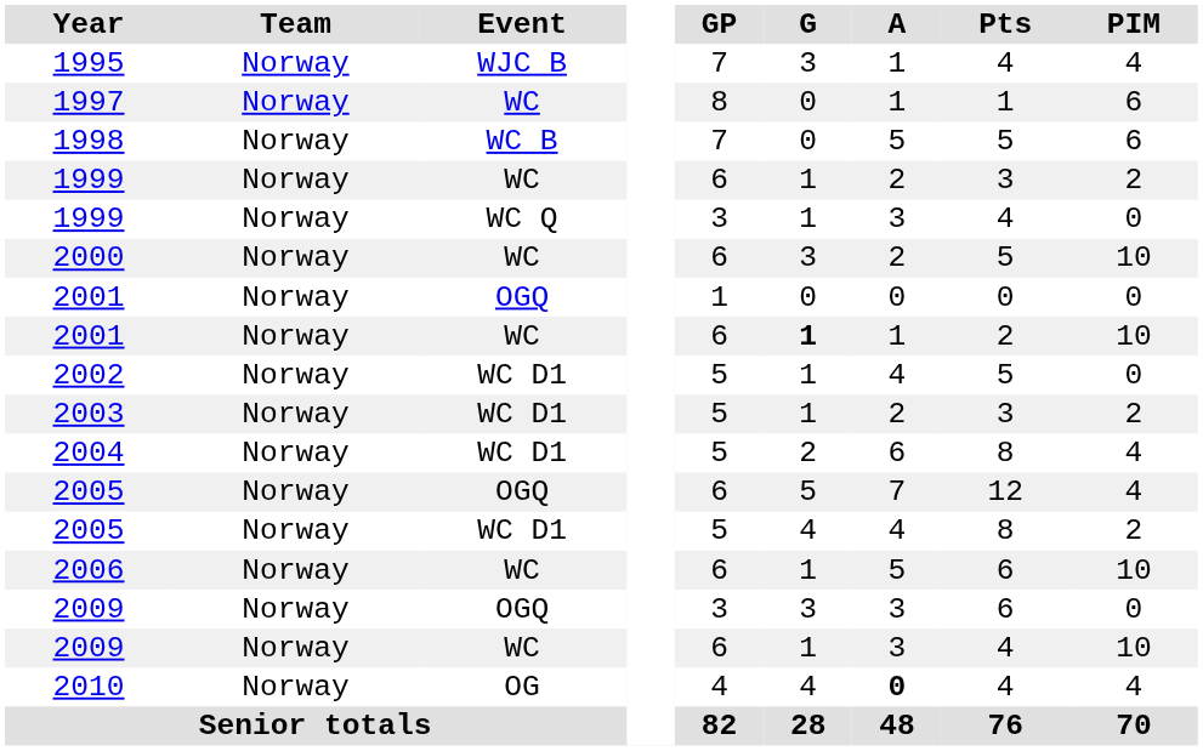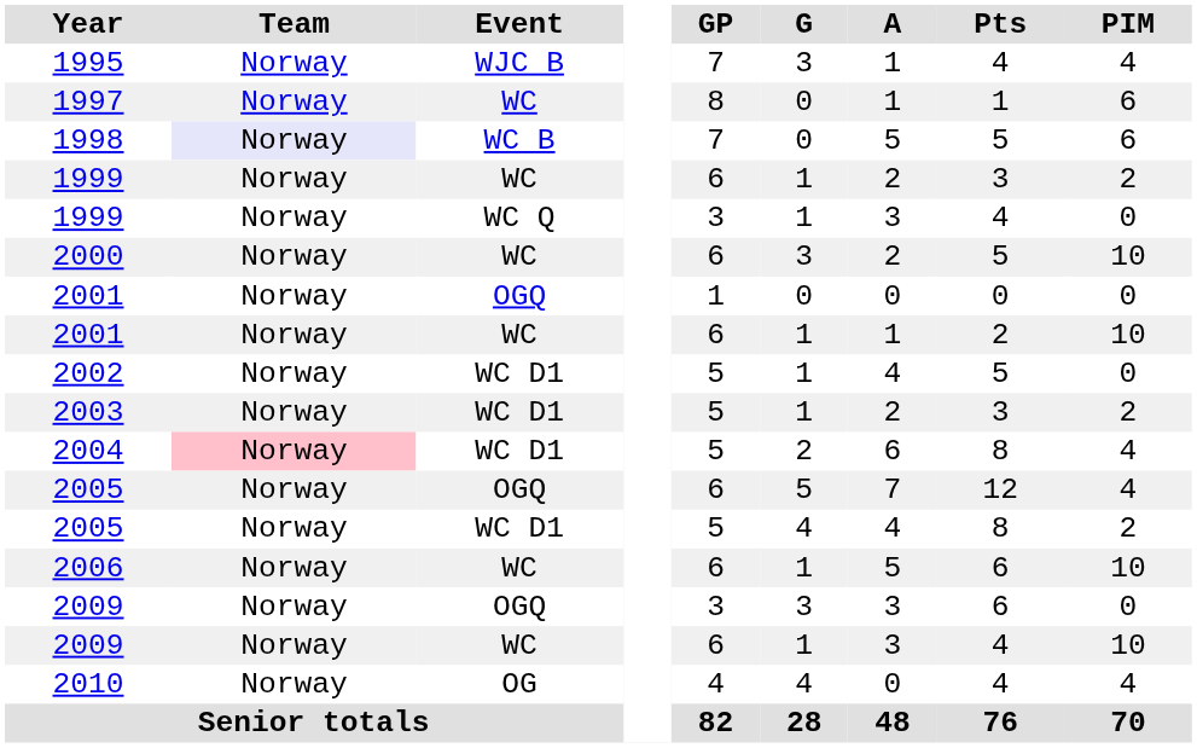 <table border="0" cellpadding="1" cellspacing="0" style="text-align:center; width:40em">
 <tr ALIGN="center" bgcolor="#e0e0e0">
 <th>Year</th>
 <th>Team</th>
 <th>Event</th>
 <th rowspan="99" bgcolor="#ffffff"> </th>
 <th>GP</th>
 <th>G</th>
 <th>A</th>
 <th>Pts</th>
 <th>PIM</th>
 </tr>
 <tr>
 <td><a href='#'>1995</a></td>
 <td><a href='#'>Norway</a></td>
 <td><a href='#'>WJC B</a></td>
 <td>7</td>
 <td>3</td>
 <td>1</td>
 <td>4</td>
 <td>4</td>
 </tr>
 <tr bgcolor="#f0f0f0">
 <td><a href='#'>1997</a></td>
 <td><a href='#'>Norway</a></td>
 <td><a href='#'>WC</a></td>
 <td>8</td>
 <td>0</td>
 <td>1</td>
 <td>1</td>
 <td>6</td>
 </tr>
 <tr>
 <td><a href='#'>1998</a></td>
-<td>Norway</td>
+<td style="background: lavender;">Norway</td>
 <td><a href='#'>WC B</a></td>
 <td>7</td>
 <td>0</td>
 <td>5</td>
 <td>5</td>
 <td>6</td>
 </tr>
 <tr bgcolor="#f0f0f0">
 <td><a href='#'>1999</a></td>
 <td>Norway</td>
 <td>WC</td>
 <td>6</td>
 <td>1</td>
 <td>2</td>
 <td>3</td>
 <td>2</td>
 </tr>
 <tr>
 <td><a href='#'>1999</a></td>
 <td>Norway</td>
 <td>WC Q</td>
 <td>3</td>
 <td>1</td>
 <td>3</td>
 <td>4</td>
 <td>0</td>
 </tr>
 <tr bgcolor="#f0f0f0">
 <td><a href='#'>2000</a></td>
 <td>Norway</td>
 <td>WC</td>
 <td>6</td>
 <td>3</td>
 <td>2</td>
 <td>5</td>
 <td>10</td>
 </tr>
 <tr>
 <td><a href='#'>2001</a></td>
 <td>Norway</td>
 <td><a href='#'>OGQ</a></td>
 <td>1</td>
 <td>0</td>
 <td>0</td>
 <td>0</td>
 <td>0</td>
 </tr>
 <tr bgcolor="#f0f0f0">
 <td><a href='#'>2001</a></td>
 <td>Norway</td>
 <td>WC</td>
 <td>6</td>
-<td><strong>1</strong></td>
+<td>1</td>
 <td>1</td>
 <td>2</td>
 <td>10</td>
 </tr>
 <tr>
 <td><a href='#'>2002</a></td>
 <td>Norway</td>
 <td>WC D1</td>
 <td>5</td>
 <td>1</td>
 <td>4</td>
 <td>5</td>
 <td>0</td>
 </tr>
 <tr bgcolor="#f0f0f0">
 <td><a href='#'>2003</a></td>
 <td>Norway</td>
 <td>WC D1</td>
 <td>5</td>
 <td>1</td>
 <td>2</td>
 <td>3</td>
 <td>2</td>
 </tr>
 <tr>
 <td><a href='#'>2004</a></td>
-<td>Norway</td>
+<td style="background: pink;">Norway</td>
 <td>WC D1</td>
 <td>5</td>
 <td>2</td>
 <td>6</td>
 <td>8</td>
 <td>4</td>
 </tr>
 <tr bgcolor="#f0f0f0">
 <td><a href='#'>2005</a></td>
 <td>Norway</td>
 <td>OGQ</td>
 <td>6</td>
 <td>5</td>
 <td>7</td>
 <td>12</td>
 <td>4</td>
 </tr>
 <tr>
 <td><a href='#'>2005</a></td>
 <td>Norway</td>
 <td>WC D1</td>
 <td>5</td>
 <td>4</td>
 <td>4</td>
 <td>8</td>
 <td>2</td>
 </tr>
 <tr bgcolor="#f0f0f0">
 <td><a href='#'>2006</a></td>
 <td>Norway</td>
 <td>WC</td>
 <td>6</td>
 <td>1</td>
 <td>5</td>
 <td>6</td>
 <td>10</td>
 </tr>
 <tr>
 <td><a href='#'>2009</a></td>
 <td>Norway</td>
 <td>OGQ</td>
 <td>3</td>
 <td>3</td>
 <td>3</td>
 <td>6</td>
 <td>0</td>
 </tr>
 <tr bgcolor="#f0f0f0">
 <td><a href='#'>2009</a></td>
 <td>Norway</td>
 <td>WC</td>
 <td>6</td>
 <td>1</td>
 <td>3</td>
 <td>4</td>
 <td>10</td>
 </tr>
 <tr>
 <td><a href='#'>2010</a></td>
 <td>Norway</td>
 <td>OG</td>
 <td>4</td>
 <td>4</td>
-<td><strong>0</strong></td>
+<td>0</td>
 <td>4</td>
 <td>4</td>
 </tr>
 <tr bgcolor="#e0e0e0">
 <th colspan=3>Senior totals</th>
 <th>82</th>
 <th>28</th>
 <th>48</th>
 <th>76</th>
 <th>70</th>
 </tr>
 </table>
